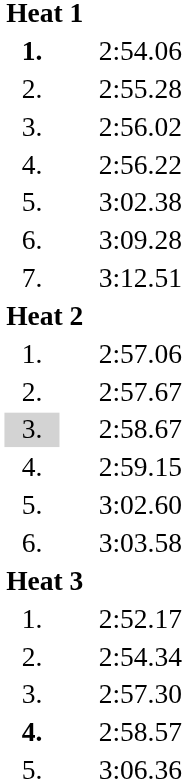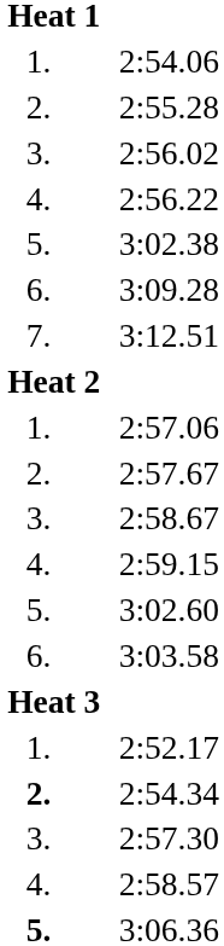 <table style="text-align:center">
 <tr>
 <td colspan=4 align=left><strong>Heat 1</strong></td>
 </tr>
 <tr>
-<td width=30><strong>1.</strong></td>
+<td width=30>1.</td>
 <td align=left></td>
 <td width=80>2:54.06</td>
 <td></td>
 </tr>
 <tr>
 <td>2.</td>
 <td align=left></td>
 <td>2:55.28</td>
 <td></td>
 </tr>
 <tr>
 <td>3.</td>
 <td align=left></td>
 <td>2:56.02</td>
 <td></td>
 </tr>
 <tr>
 <td>4.</td>
 <td align=left></td>
 <td>2:56.22</td>
 <td></td>
 </tr>
 <tr>
 <td>5.</td>
 <td align=left></td>
 <td>3:02.38</td>
 <td></td>
 </tr>
 <tr>
 <td>6.</td>
 <td align=left></td>
 <td>3:09.28</td>
 <td></td>
 </tr>
 <tr>
 <td>7.</td>
 <td align=left></td>
 <td>3:12.51</td>
 <td></td>
 </tr>
 <tr>
 <td colspan=4 align=left><strong>Heat 2</strong></td>
 </tr>
 <tr>
 <td>1.</td>
 <td align=left></td>
 <td>2:57.06</td>
 <td></td>
 </tr>
 <tr>
 <td>2.</td>
 <td align=left></td>
 <td>2:57.67</td>
 <td></td>
 </tr>
 <tr>
-<td style="background: lightgrey;">3.</td>
+<td>3.</td>
 <td align=left></td>
 <td>2:58.67</td>
 <td></td>
 </tr>
 <tr>
 <td>4.</td>
 <td align=left></td>
 <td>2:59.15</td>
 <td></td>
 </tr>
 <tr>
 <td>5.</td>
 <td align=left></td>
 <td>3:02.60</td>
 <td></td>
 </tr>
 <tr>
 <td>6.</td>
 <td align=left></td>
 <td>3:03.58</td>
 <td></td>
 </tr>
 <tr>
 <td colspan=4 align=left><strong>Heat 3</strong></td>
 </tr>
 <tr>
 <td>1.</td>
 <td align=left></td>
 <td>2:52.17</td>
 <td></td>
 </tr>
 <tr>
-<td>2.</td>
+<td><strong>2.</strong></td>
 <td align=left></td>
 <td>2:54.34</td>
 <td></td>
 </tr>
 <tr>
 <td>3.</td>
 <td align=left></td>
 <td>2:57.30</td>
 <td></td>
 </tr>
 <tr>
-<td><strong>4.</strong></td>
+<td>4.</td>
 <td align=left></td>
 <td>2:58.57</td>
 <td></td>
 </tr>
 <tr>
-<td>5.</td>
+<td><strong>5.</strong></td>
 <td align=left></td>
 <td>3:06.36</td>
 <td></td>
 </tr>
 </table>
